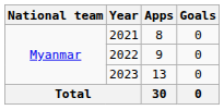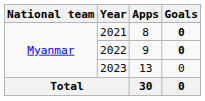 <table class=wikitable style=text-align:center>
 <tr>
 <th>National team</th>
 <th>Year</th>
 <th>Apps</th>
 <th>Goals</th>
 </tr>
 <tr>
 <td rowspan=3><a href='#'>Myanmar</a></td>
 <td>2021</td>
 <td>8</td>
-<td>0</td>
+<td><strong>0</strong></td>
 </tr>
 <tr>
 <td>2022</td>
 <td>9</td>
-<td>0</td>
+<td><strong>0</strong></td>
 </tr>
 <tr>
 <td>2023</td>
 <td>13</td>
 <td>0</td>
 </tr>
 <tr>
 <th colspan=2>Total</th>
 <th>30</th>
 <th>0</th>
 </tr>
 </table>
